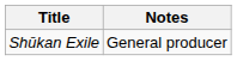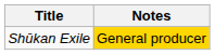 <table class="wikitable">
 <tr>
 <th>Title</th>
 <th>Notes</th>
 </tr>
 <tr>
 <td><em>Shūkan Exile</em></td>
-<td>General producer</td>
+<td style="background: gold;">General producer</td>
 </tr>
 </table>
